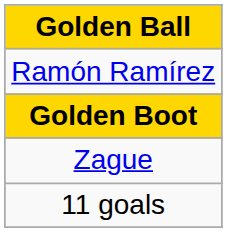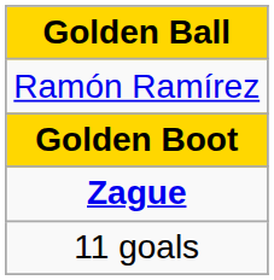 <table class="wikitable" style="text-align:center">
 <tr>
 <th scope=col style="background-color: gold">Golden Ball</th>
 </tr>
 <tr>
 <td> <a href='#'>Ramón Ramírez</a></td>
 </tr>
 <tr>
 <th scope=col style="background-color: gold">Golden Boot</th>
 </tr>
 <tr>
-<td> <a href='#'>Zague</a></td>
+<td><strong> <a href='#'>Zague</a></strong></td>
 </tr>
 <tr>
 <td>11 goals</td>
 </tr>
 </table>
